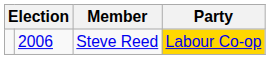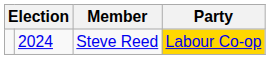 <table class="wikitable">
 <tr>
 <th colspan="2">Election</th>
 <th>Member</th>
 <th>Party</th>
 </tr>
 <tr>
 <td style="color:inherit;background-color: "></td>
-<td><a href='#'>2006</a></td>
+<td><a href='#'>2024</a></td>
 <td><a href='#'>Steve Reed</a></td>
 <td style="background: gold;"><a href='#'>Labour Co-op</a></td>
 </tr>
 </table>
